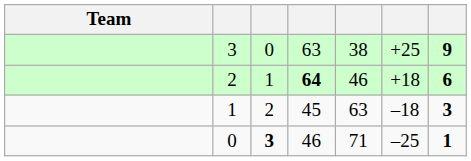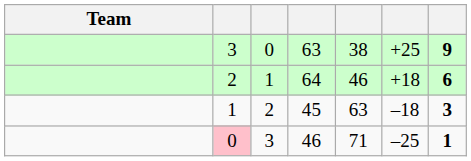 <table class="wikitable" style="text-align:center;">
 <tr>
 <th style="width:10.5em;">Team</th>
 <th style="width:1.5em;"></th>
 <th style="width:1.5em;"></th>
 <th style="width:2.0em;"></th>
 <th style="width:2.0em;"></th>
 <th style="width:2.0em;"></th>
 <th style="width:1.5em;"></th>
 </tr>
 <tr bgcolor=#cfc>
 <td align="left"></td>
 <td>3</td>
 <td>0</td>
 <td>63</td>
 <td>38</td>
 <td>+25</td>
 <td><strong>9</strong></td>
 </tr>
 <tr bgcolor=#cfc>
 <td align="left"></td>
 <td>2</td>
 <td>1</td>
-<td><strong>64</strong></td>
+<td>64</td>
 <td>46</td>
 <td>+18</td>
 <td><strong>6</strong></td>
 </tr>
 <tr>
 <td align="left"></td>
 <td>1</td>
 <td>2</td>
 <td>45</td>
 <td>63</td>
 <td>–18</td>
 <td><strong>3</strong></td>
 </tr>
 <tr>
 <td align="left"></td>
-<td>0</td>
-<td><strong>3</strong></td>
+<td style="background: pink;">0</td>
+<td>3</td>
 <td>46</td>
 <td>71</td>
 <td>–25</td>
 <td><strong>1</strong></td>
 </tr>
 </table>
